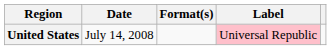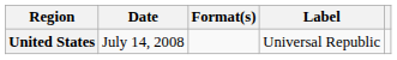 <table class="wikitable plainrowheaders">
 <tr>
 <th scope="col">Region</th>
 <th scope="col">Date</th>
 <th scope="col">Format(s)</th>
 <th scope="col">Label</th>
 <th scope="col"></th>
 </tr>
 <tr>
 <th scope="row" rowspan="2">United States</th>
 <td>July 14, 2008</td>
 <td></td>
-<td style="background: pink;">Universal Republic</td>
+<td>Universal Republic</td>
 <td></td>
 </tr>
 </table>
